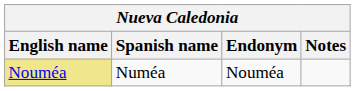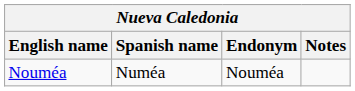 <table class="wikitable sortable">
 <tr>
 <th colspan="4"> <em>Nueva Caledonia</em></th>
 </tr>
 <tr>
 <th>English name</th>
 <th>Spanish name</th>
 <th>Endonym</th>
 <th>Notes</th>
 </tr>
 <tr>
-<td style="background: khaki;"><a href='#'>Nouméa</a></td>
+<td><a href='#'>Nouméa</a></td>
 <td>Numéa</td>
 <td>Nouméa</td>
 <td></td>
 </tr>
 </table>
